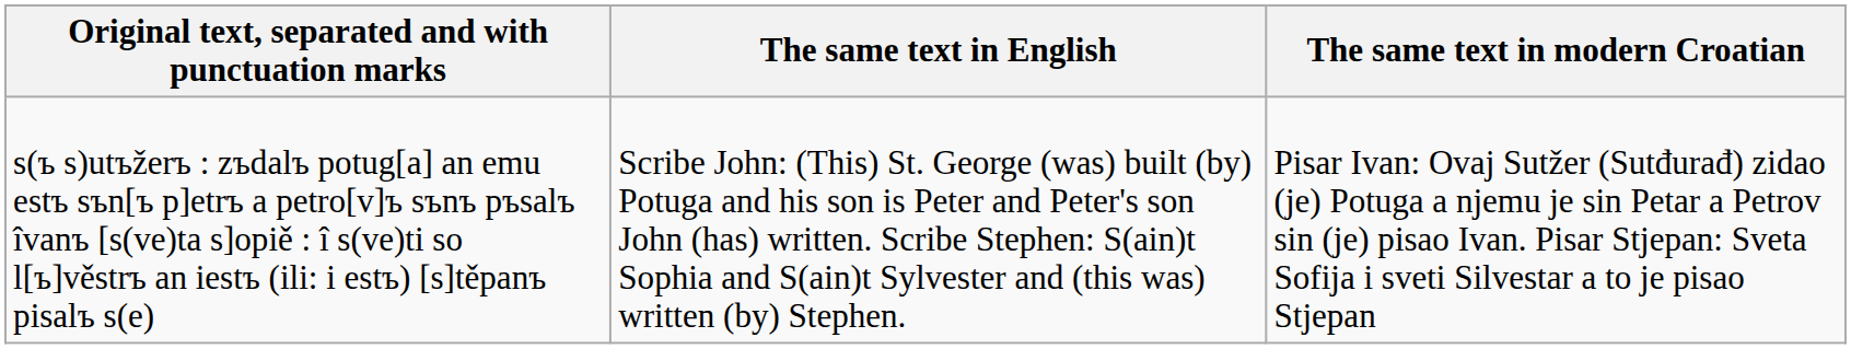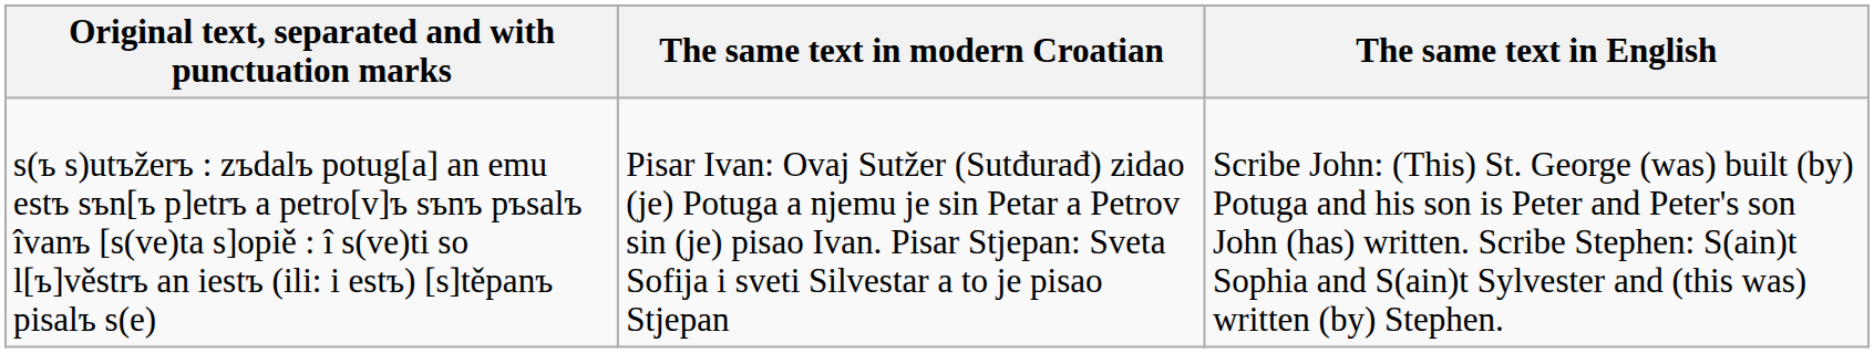 <table class=wikitable>
 <tr>
 <th>Original text, separated and with punctuation marks</th>
+<th>The same text in modern Croatian</th>
 <th>The same text in English</th>
-<th>The same text in modern Croatian</th>
 </tr>
 <tr>
 <td><br>s(ъ s)utъžerъ : zъdalъ potug[a] an emu estъ sъn[ъ p]etrъ a petro[v]ъ  sъnъ pъsalъ îvanъ [s(ve)ta s]opiě : î s(ve)ti so l[ъ]věstrъ an iestъ (ili: i estъ) [s]těpanъ pisalъ s(e)</td>
+<td><br>Pisar Ivan: Ovaj Sutžer (Sutđurađ) zidao (je) Potuga a njemu je sin Petar a Petrov sin (je) pisao Ivan. Pisar Stjepan: Sveta Sofija i sveti Silvestar a to je pisao Stjepan</td>
 <td><br>Scribe John: (This) St. George (was) built (by) Potuga and his son is Peter and Peter's son John (has) written. Scribe Stephen: S(ain)t Sophia and S(ain)t Sylvester and (this was) written (by) Stephen.</td>
-<td><br>Pisar Ivan: Ovaj Sutžer (Sutđurađ) zidao (je) Potuga a njemu je sin Petar a Petrov sin (je) pisao Ivan. Pisar Stjepan: Sveta Sofija i sveti Silvestar a to je pisao Stjepan</td>
 </tr>
 </table>
